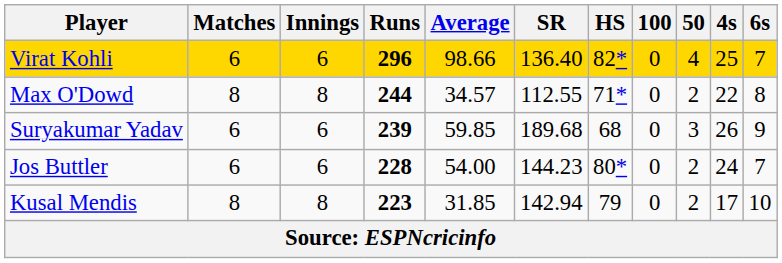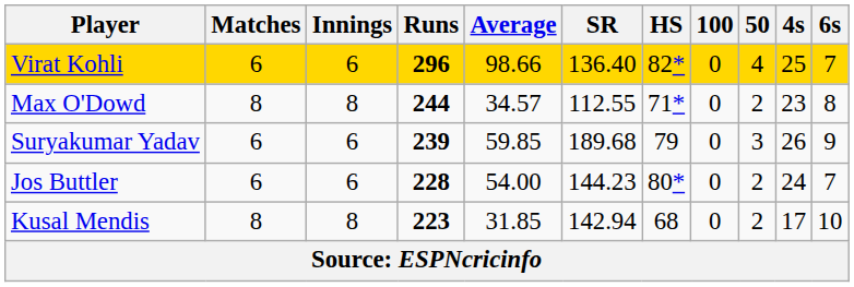 <table class="wikitable" style="text-align: center;">
 <tr>
 <th>Player</th>
 <th>Matches</th>
 <th>Innings</th>
 <th>Runs</th>
 <th><a href='#'>Average</a></th>
 <th>SR</th>
 <th>HS</th>
 <th>100</th>
 <th>50</th>
 <th>4s</th>
 <th>6s</th>
 </tr>
 <tr style="background:gold">
 <td style="text-align:left"> <a href='#'>Virat Kohli</a></td>
 <td>6</td>
 <td>6</td>
 <td><strong>296</strong></td>
 <td>98.66</td>
 <td>136.40</td>
 <td>82<a href='#'>*</a></td>
 <td>0</td>
 <td>4</td>
 <td>25</td>
 <td>7</td>
 </tr>
 <tr>
 <td style="text-align:left"> <a href='#'>Max O'Dowd</a></td>
 <td>8</td>
 <td>8</td>
 <td><strong>244</strong></td>
 <td>34.57</td>
 <td>112.55</td>
 <td>71<a href='#'>*</a></td>
 <td>0</td>
 <td>2</td>
-<td>22</td>
+<td>23</td>
 <td>8</td>
 </tr>
 <tr>
 <td style="text-align:left"> <a href='#'>Suryakumar Yadav</a></td>
 <td>6</td>
 <td>6</td>
 <td><strong>239</strong></td>
 <td>59.85</td>
 <td>189.68</td>
-<td>68</td>
+<td>79</td>
 <td>0</td>
 <td>3</td>
 <td>26</td>
 <td>9</td>
 </tr>
 <tr>
 <td style="text-align:left"> <a href='#'>Jos Buttler</a></td>
 <td>6</td>
 <td>6</td>
 <td><strong>228</strong></td>
 <td>54.00</td>
 <td>144.23</td>
 <td>80<a href='#'>*</a></td>
 <td>0</td>
 <td>2</td>
 <td>24</td>
 <td>7</td>
 </tr>
 <tr>
 <td style="text-align:left"> <a href='#'>Kusal Mendis</a></td>
 <td>8</td>
 <td>8</td>
 <td><strong>223</strong></td>
 <td>31.85</td>
 <td>142.94</td>
-<td>79</td>
+<td>68</td>
 <td>0</td>
 <td>2</td>
 <td>17</td>
 <td>10</td>
 </tr>
 <tr>
 <th colspan="11">Source: <em>ESPNcricinfo</em></th>
 </tr>
 </table>
